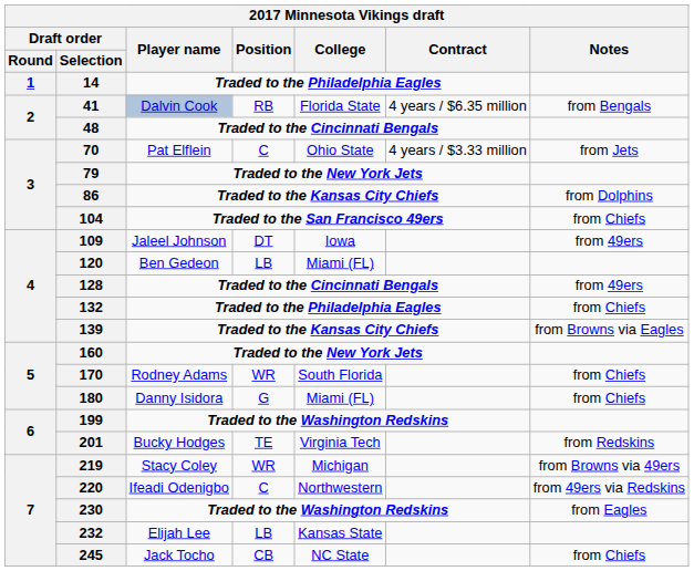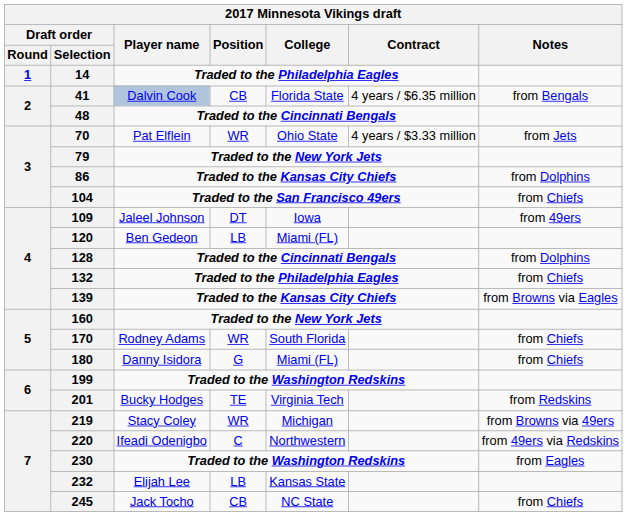 <table class="wikitable" style="text-align:center">
 <tr>
 <th colspan="7">2017 Minnesota Vikings draft</th>
 </tr>
 <tr>
 <th colspan="2">Draft order</th>
 <th rowspan="2">Player name</th>
 <th rowspan="2">Position</th>
 <th rowspan="2">College</th>
 <th rowspan="2">Contract</th>
 <th rowspan="2">Notes</th>
 </tr>
 <tr>
 <th>Round</th>
 <th>Selection</th>
 </tr>
 <tr>
 <th><a href='#'>1</a></th>
 <th>14</th>
 <td colspan="4"><strong><em>Traded to the <a href='#'>Philadelphia Eagles</a></em></strong></td>
 <td></td>
 </tr>
 <tr>
 <th rowspan="2">2</th>
 <th>41</th>
 <td bgcolor=lightsteelblue><a href='#'>Dalvin Cook</a></td>
-<td><a href='#'>RB</a></td>
+<td><a href='#'>CB</a></td>
 <td><a href='#'>Florida State</a></td>
 <td>4 years / $6.35 million</td>
 <td>from <a href='#'>Bengals</a></td>
 </tr>
 <tr>
 <th>48</th>
 <td colspan="4"><strong><em>Traded to the <a href='#'>Cincinnati Bengals</a></em></strong></td>
 <td></td>
 </tr>
 <tr>
 <th rowspan="4">3</th>
 <th>70</th>
 <td><a href='#'>Pat Elflein</a></td>
-<td><a href='#'>C</a></td>
+<td><a href='#'>WR</a></td>
 <td><a href='#'>Ohio State</a></td>
 <td>4 years / $3.33 million</td>
 <td>from <a href='#'>Jets</a></td>
 </tr>
 <tr>
 <th>79</th>
 <td colspan="4"><strong><em>Traded to the <a href='#'>New York Jets</a></em></strong></td>
 <td></td>
 </tr>
 <tr>
 <th>86</th>
 <td colspan="4"><strong><em>Traded to the <a href='#'>Kansas City Chiefs</a></em></strong></td>
 <td>from <a href='#'>Dolphins</a></td>
 </tr>
 <tr>
 <th>104</th>
 <td colspan="4"><strong><em>Traded to the <a href='#'>San Francisco 49ers</a></em></strong></td>
 <td>from <a href='#'>Chiefs</a></td>
 </tr>
 <tr>
 <th rowspan="5">4</th>
 <th>109</th>
 <td><a href='#'>Jaleel Johnson</a></td>
 <td><a href='#'>DT</a></td>
 <td><a href='#'>Iowa</a></td>
 <td></td>
 <td>from <a href='#'>49ers</a></td>
 </tr>
 <tr>
 <th>120</th>
 <td><a href='#'>Ben Gedeon</a></td>
 <td><a href='#'>LB</a></td>
 <td><a href='#'>Miami (FL)</a></td>
 <td></td>
 <td></td>
 </tr>
 <tr>
 <th>128</th>
 <td colspan="4"><strong><em>Traded to the <a href='#'>Cincinnati Bengals</a></em></strong></td>
-<td>from <a href='#'>49ers</a></td>
+<td>from <a href='#'>Dolphins</a></td>
 </tr>
 <tr>
 <th>132</th>
 <td colspan="4"><strong><em>Traded to the <a href='#'>Philadelphia Eagles</a></em></strong></td>
 <td>from <a href='#'>Chiefs</a></td>
 </tr>
 <tr>
 <th>139</th>
 <td colspan="4"><strong><em>Traded to the <a href='#'>Kansas City Chiefs</a></em></strong></td>
 <td>from <a href='#'>Browns</a> via <a href='#'>Eagles</a></td>
 </tr>
 <tr>
 <th rowspan="3">5</th>
 <th>160</th>
 <td colspan="4"><strong><em>Traded to the <a href='#'>New York Jets</a></em></strong></td>
 <td></td>
 </tr>
 <tr>
 <th>170</th>
 <td><a href='#'>Rodney Adams</a></td>
 <td><a href='#'>WR</a></td>
 <td><a href='#'>South Florida</a></td>
 <td></td>
 <td>from <a href='#'>Chiefs</a></td>
 </tr>
 <tr>
 <th>180</th>
 <td><a href='#'>Danny Isidora</a></td>
 <td><a href='#'>G</a></td>
 <td><a href='#'>Miami (FL)</a></td>
 <td></td>
 <td>from <a href='#'>Chiefs</a></td>
 </tr>
 <tr>
 <th rowspan="2">6</th>
 <th>199</th>
 <td colspan="4"><strong><em>Traded to the <a href='#'>Washington Redskins</a></em></strong></td>
 <td></td>
 </tr>
 <tr>
 <th>201</th>
 <td><a href='#'>Bucky Hodges</a></td>
 <td><a href='#'>TE</a></td>
 <td><a href='#'>Virginia Tech</a></td>
 <td></td>
 <td>from <a href='#'>Redskins</a></td>
 </tr>
 <tr>
 <th rowspan="5">7</th>
 <th>219</th>
 <td><a href='#'>Stacy Coley</a></td>
 <td><a href='#'>WR</a></td>
 <td><a href='#'>Michigan</a></td>
 <td></td>
 <td>from <a href='#'>Browns</a> via <a href='#'>49ers</a></td>
 </tr>
 <tr>
 <th>220</th>
 <td><a href='#'>Ifeadi Odenigbo</a></td>
 <td><a href='#'>C</a></td>
 <td><a href='#'>Northwestern</a></td>
 <td></td>
 <td>from <a href='#'>49ers</a> via <a href='#'>Redskins</a></td>
 </tr>
 <tr>
 <th>230</th>
 <td colspan="4"><strong><em>Traded to the <a href='#'>Washington Redskins</a></em></strong></td>
 <td>from <a href='#'>Eagles</a></td>
 </tr>
 <tr>
 <th>232</th>
 <td><a href='#'>Elijah Lee</a></td>
 <td><a href='#'>LB</a></td>
 <td><a href='#'>Kansas State</a></td>
 <td></td>
 <td></td>
 </tr>
 <tr>
 <th>245</th>
 <td><a href='#'>Jack Tocho</a></td>
 <td><a href='#'>CB</a></td>
 <td><a href='#'>NC State</a></td>
 <td></td>
 <td>from <a href='#'>Chiefs</a></td>
 </tr>
 </table>
